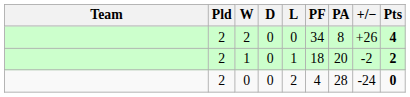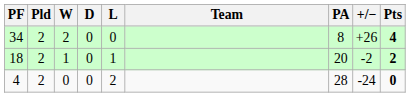 <table class="wikitable" style="text-align:center">
 <tr>
-<th width="230">Team</th>
+<th width="20">PF</th>
 <th width="20">Pld</th>
 <th width="20">W</th>
 <th width="20">D</th>
 <th width="20">L</th>
-<th width="20">PF</th>
+<th width="230">Team</th>
 <th width="20">PA</th>
 <th width="25">+/−</th>
 <th width="20">Pts</th>
 </tr>
 <tr style="background: #ccffcc;">
-<td style="text-align:left;"></td>
+<td>34</td>
 <td>2</td>
 <td>2</td>
 <td>0</td>
 <td>0</td>
-<td>34</td>
+<td style="text-align:left;"></td>
 <td>8</td>
 <td>+26</td>
 <td><strong>4</strong></td>
 </tr>
 <tr style="background: #ccffcc;">
-<td style="text-align:left;"></td>
+<td>18</td>
 <td>2</td>
 <td>1</td>
 <td>0</td>
 <td>1</td>
-<td>18</td>
+<td style="text-align:left;"></td>
 <td>20</td>
 <td>-2</td>
 <td><strong>2</strong></td>
 </tr>
 <tr>
-<td style="text-align:left;"></td>
+<td>4</td>
 <td>2</td>
 <td>0</td>
 <td>0</td>
 <td>2</td>
-<td>4</td>
+<td style="text-align:left;"></td>
 <td>28</td>
 <td>-24</td>
 <td><strong>0</strong></td>
 </tr>
 </table>
